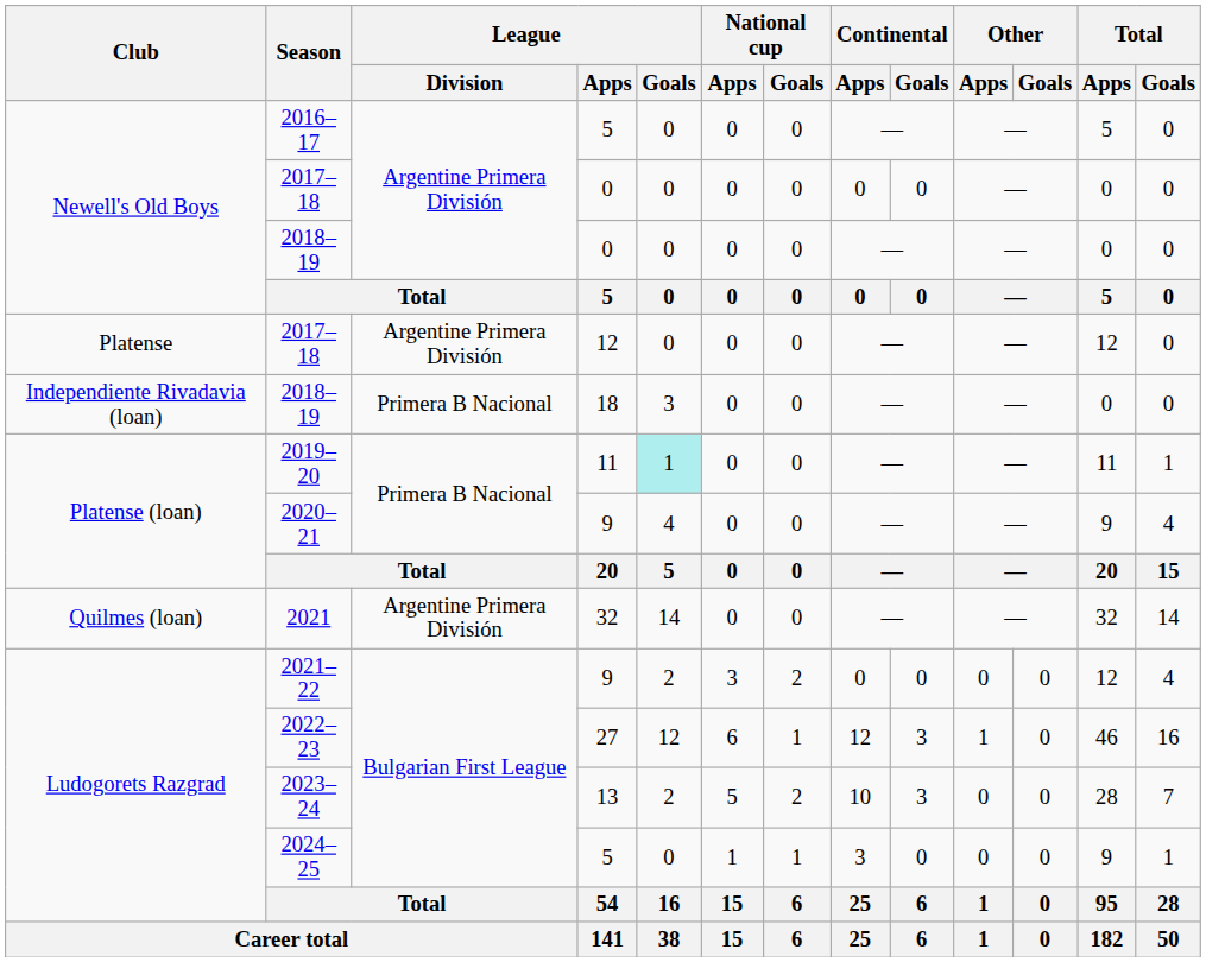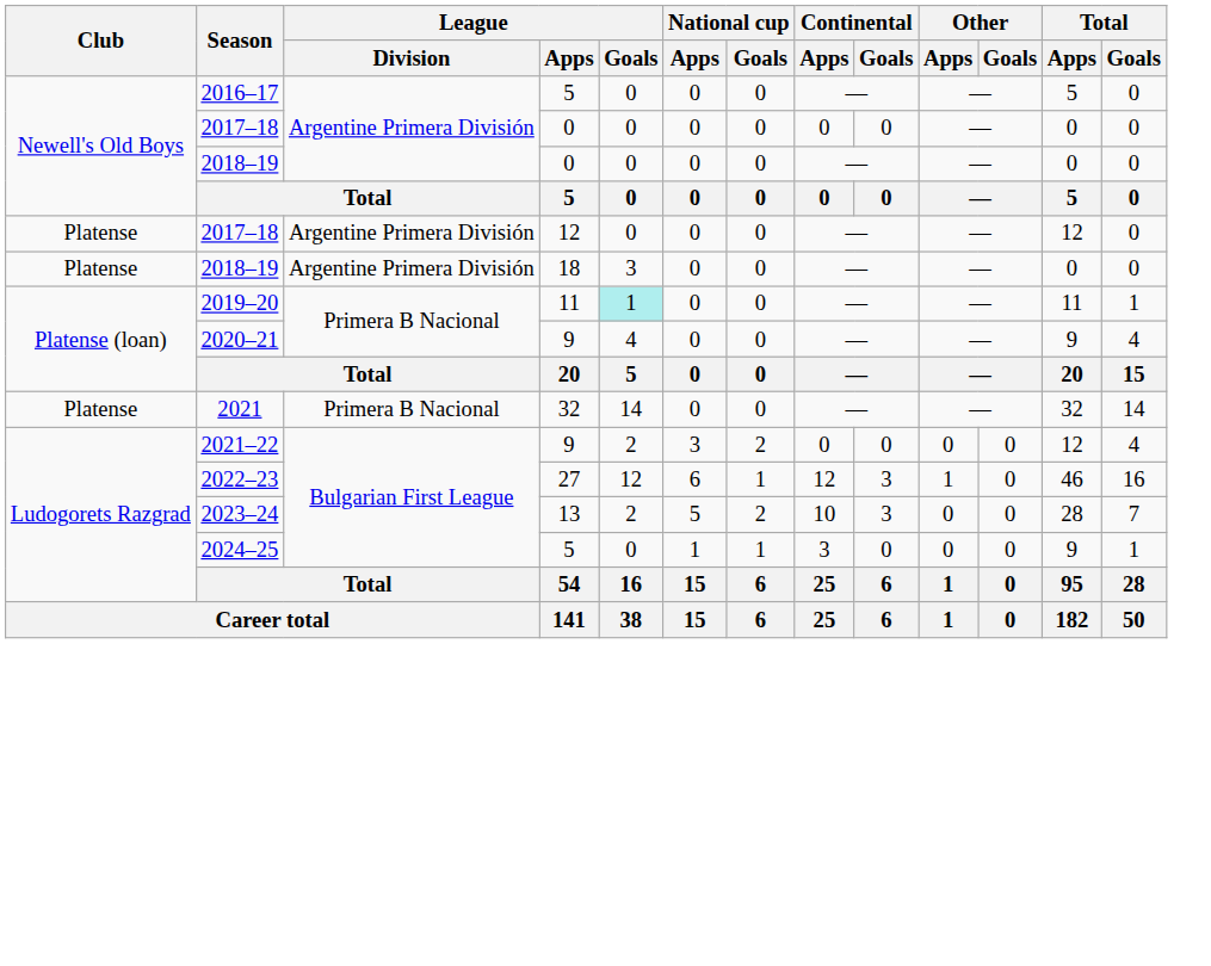 <table class="wikitable" style="text-align:center">
 <tr>
 <th rowspan="2">Club</th>
 <th rowspan="2">Season</th>
 <th colspan="3">League</th>
 <th colspan="2">National cup</th>
 <th colspan="2">Continental</th>
 <th colspan="2">Other</th>
 <th colspan="2">Total</th>
 </tr>
 <tr>
 <th>Division</th>
 <th>Apps</th>
 <th>Goals</th>
 <th>Apps</th>
 <th>Goals</th>
 <th>Apps</th>
 <th>Goals</th>
 <th>Apps</th>
 <th>Goals</th>
 <th>Apps</th>
 <th>Goals</th>
 </tr>
 <tr>
 <td rowspan="4"><a href='#'>Newell's Old Boys</a></td>
 <td><a href='#'>2016–17</a></td>
 <td rowspan="3"><a href='#'>Argentine Primera División</a></td>
 <td>5</td>
 <td>0</td>
 <td>0</td>
 <td>0</td>
 <td colspan="2">—</td>
 <td colspan="2">—</td>
 <td>5</td>
 <td>0</td>
 </tr>
 <tr>
 <td><a href='#'>2017–18</a></td>
 <td>0</td>
 <td>0</td>
 <td>0</td>
 <td>0</td>
 <td>0</td>
 <td>0</td>
 <td colspan="2">—</td>
 <td>0</td>
 <td>0</td>
 </tr>
 <tr>
 <td><a href='#'>2018–19</a></td>
 <td>0</td>
 <td>0</td>
 <td>0</td>
 <td>0</td>
 <td colspan="2">—</td>
 <td colspan="2">—</td>
 <td>0</td>
 <td>0</td>
 </tr>
 <tr>
 <th colspan="2">Total</th>
 <th>5</th>
 <th>0</th>
 <th>0</th>
 <th>0</th>
 <th>0</th>
 <th>0</th>
 <th colspan="2">—</th>
 <th>5</th>
 <th>0</th>
 </tr>
 <tr>
 <td>Platense</td>
 <td><a href='#'>2017–18</a></td>
 <td>Argentine Primera División</td>
 <td>12</td>
 <td>0</td>
 <td>0</td>
 <td>0</td>
 <td colspan="2">—</td>
 <td colspan="2">—</td>
 <td>12</td>
 <td>0</td>
 </tr>
 <tr>
-<td><a href='#'>Independiente Rivadavia</a> (loan)</td>
+<td>Platense</td>
 <td><a href='#'>2018–19</a></td>
-<td>Primera B Nacional</td>
+<td>Argentine Primera División</td>
 <td>18</td>
 <td>3</td>
 <td>0</td>
 <td>0</td>
 <td colspan="2">—</td>
 <td colspan="2">—</td>
 <td>0</td>
 <td>0</td>
 </tr>
 <tr>
 <td rowspan="3"><a href='#'>Platense</a> (loan)</td>
 <td><a href='#'>2019–20</a></td>
 <td rowspan="2">Primera B Nacional</td>
 <td>11</td>
 <td style="background: paleturquoise;">1</td>
 <td>0</td>
 <td>0</td>
 <td colspan="2">—</td>
 <td colspan="2">—</td>
 <td>11</td>
 <td>1</td>
 </tr>
 <tr>
 <td><a href='#'>2020–21</a></td>
 <td>9</td>
 <td>4</td>
 <td>0</td>
 <td>0</td>
 <td colspan="2">—</td>
 <td colspan="2">—</td>
 <td>9</td>
 <td>4</td>
 </tr>
 <tr>
 <th colspan="2">Total</th>
 <th>20</th>
 <th>5</th>
 <th>0</th>
 <th>0</th>
 <th colspan="2">—</th>
 <th colspan="2">—</th>
 <th>20</th>
 <th>15</th>
 </tr>
 <tr>
-<td><a href='#'>Quilmes</a> (loan)</td>
+<td>Platense</td>
 <td><a href='#'>2021</a></td>
-<td>Argentine Primera División</td>
+<td>Primera B Nacional</td>
 <td>32</td>
 <td>14</td>
 <td>0</td>
 <td>0</td>
 <td colspan="2">—</td>
 <td colspan="2">—</td>
 <td>32</td>
 <td>14</td>
 </tr>
 <tr>
 <td rowspan="5"><a href='#'>Ludogorets Razgrad</a></td>
 <td><a href='#'>2021–22</a></td>
 <td rowspan="4"><a href='#'>Bulgarian First League</a></td>
 <td>9</td>
 <td>2</td>
 <td>3</td>
 <td>2</td>
 <td>0</td>
 <td>0</td>
 <td>0</td>
 <td>0</td>
 <td>12</td>
 <td>4</td>
 </tr>
 <tr>
 <td><a href='#'>2022–23</a></td>
 <td>27</td>
 <td>12</td>
 <td>6</td>
 <td>1</td>
 <td>12</td>
 <td>3</td>
 <td>1</td>
 <td>0</td>
 <td>46</td>
 <td>16</td>
 </tr>
 <tr>
 <td><a href='#'>2023–24</a></td>
 <td>13</td>
 <td>2</td>
 <td>5</td>
 <td>2</td>
 <td>10</td>
 <td>3</td>
 <td>0</td>
 <td>0</td>
 <td>28</td>
 <td>7</td>
 </tr>
 <tr>
 <td><a href='#'>2024–25</a></td>
 <td>5</td>
 <td>0</td>
 <td>1</td>
 <td>1</td>
 <td>3</td>
 <td>0</td>
 <td>0</td>
 <td>0</td>
 <td>9</td>
 <td>1</td>
 </tr>
 <tr>
 <th colspan="2">Total</th>
 <th>54</th>
 <th>16</th>
 <th>15</th>
 <th>6</th>
 <th>25</th>
 <th>6</th>
 <th>1</th>
 <th>0</th>
 <th>95</th>
 <th>28</th>
 </tr>
 <tr>
 <th colspan="3">Career total</th>
 <th>141</th>
 <th>38</th>
 <th>15</th>
 <th>6</th>
 <th>25</th>
 <th>6</th>
 <th>1</th>
 <th>0</th>
 <th>182</th>
 <th>50</th>
 </tr>
 </table>
